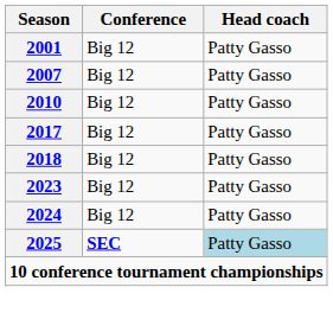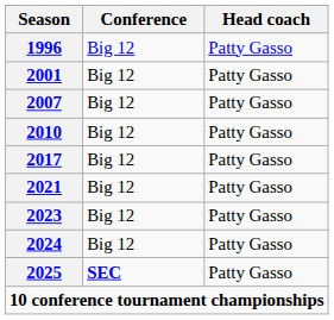 <table class="sortable plainrowheaders wikitable">
 <tr>
 <th scope="col" class="unsortable">Season</th>
 <th scope="col" class="unsortable">Conference</th>
 <th scope="col" class="unsortable">Head coach</th>
+</tr>
+<tr>
+<th scope="row" style="text-align:center"><a href='#'>1996</a></th>
+<td><a href='#'>Big 12</a></td>
+<td><a href='#'>Patty Gasso</a></td>
 </tr>
 <tr>
 <th scope="row" style="text-align:center"><a href='#'>2001</a></th>
 <td>Big 12</td>
 <td>Patty Gasso</td>
 </tr>
 <tr>
 <th scope="row" style="text-align:center"><a href='#'>2007</a></th>
 <td>Big 12</td>
 <td>Patty Gasso</td>
 </tr>
 <tr>
 <th scope="row" style="text-align:center"><a href='#'>2010</a></th>
 <td>Big 12</td>
 <td>Patty Gasso</td>
 </tr>
 <tr>
 <th scope="row" style="text-align:center"><a href='#'>2017</a></th>
 <td>Big 12</td>
 <td>Patty Gasso</td>
 </tr>
 <tr>
-<th scope="row" style="text-align:center"><a href='#'>2018</a></th>
+<th scope="row" style="text-align:center"><a href='#'>2021</a></th>
 <td>Big 12</td>
 <td>Patty Gasso</td>
 </tr>
 <tr>
 <th scope="row" style="text-align:center"><a href='#'>2023</a></th>
 <td>Big 12</td>
 <td>Patty Gasso</td>
 </tr>
 <tr>
 <th scope="row" style="text-align:center"><a href='#'>2024</a></th>
 <td>Big 12</td>
 <td>Patty Gasso</td>
 </tr>
 <tr>
 <th scope="row" style="text-align:center"><a href='#'>2025</a></th>
 <td><strong><a href='#'>SEC</a></strong></td>
-<td style="background: lightblue;">Patty Gasso</td>
+<td>Patty Gasso</td>
 </tr>
 <tr>
 <td colspan=3 align=center "bgcolor=white"><span><strong>10 conference tournament championships</strong></span></td>
 </tr>
 </table>
